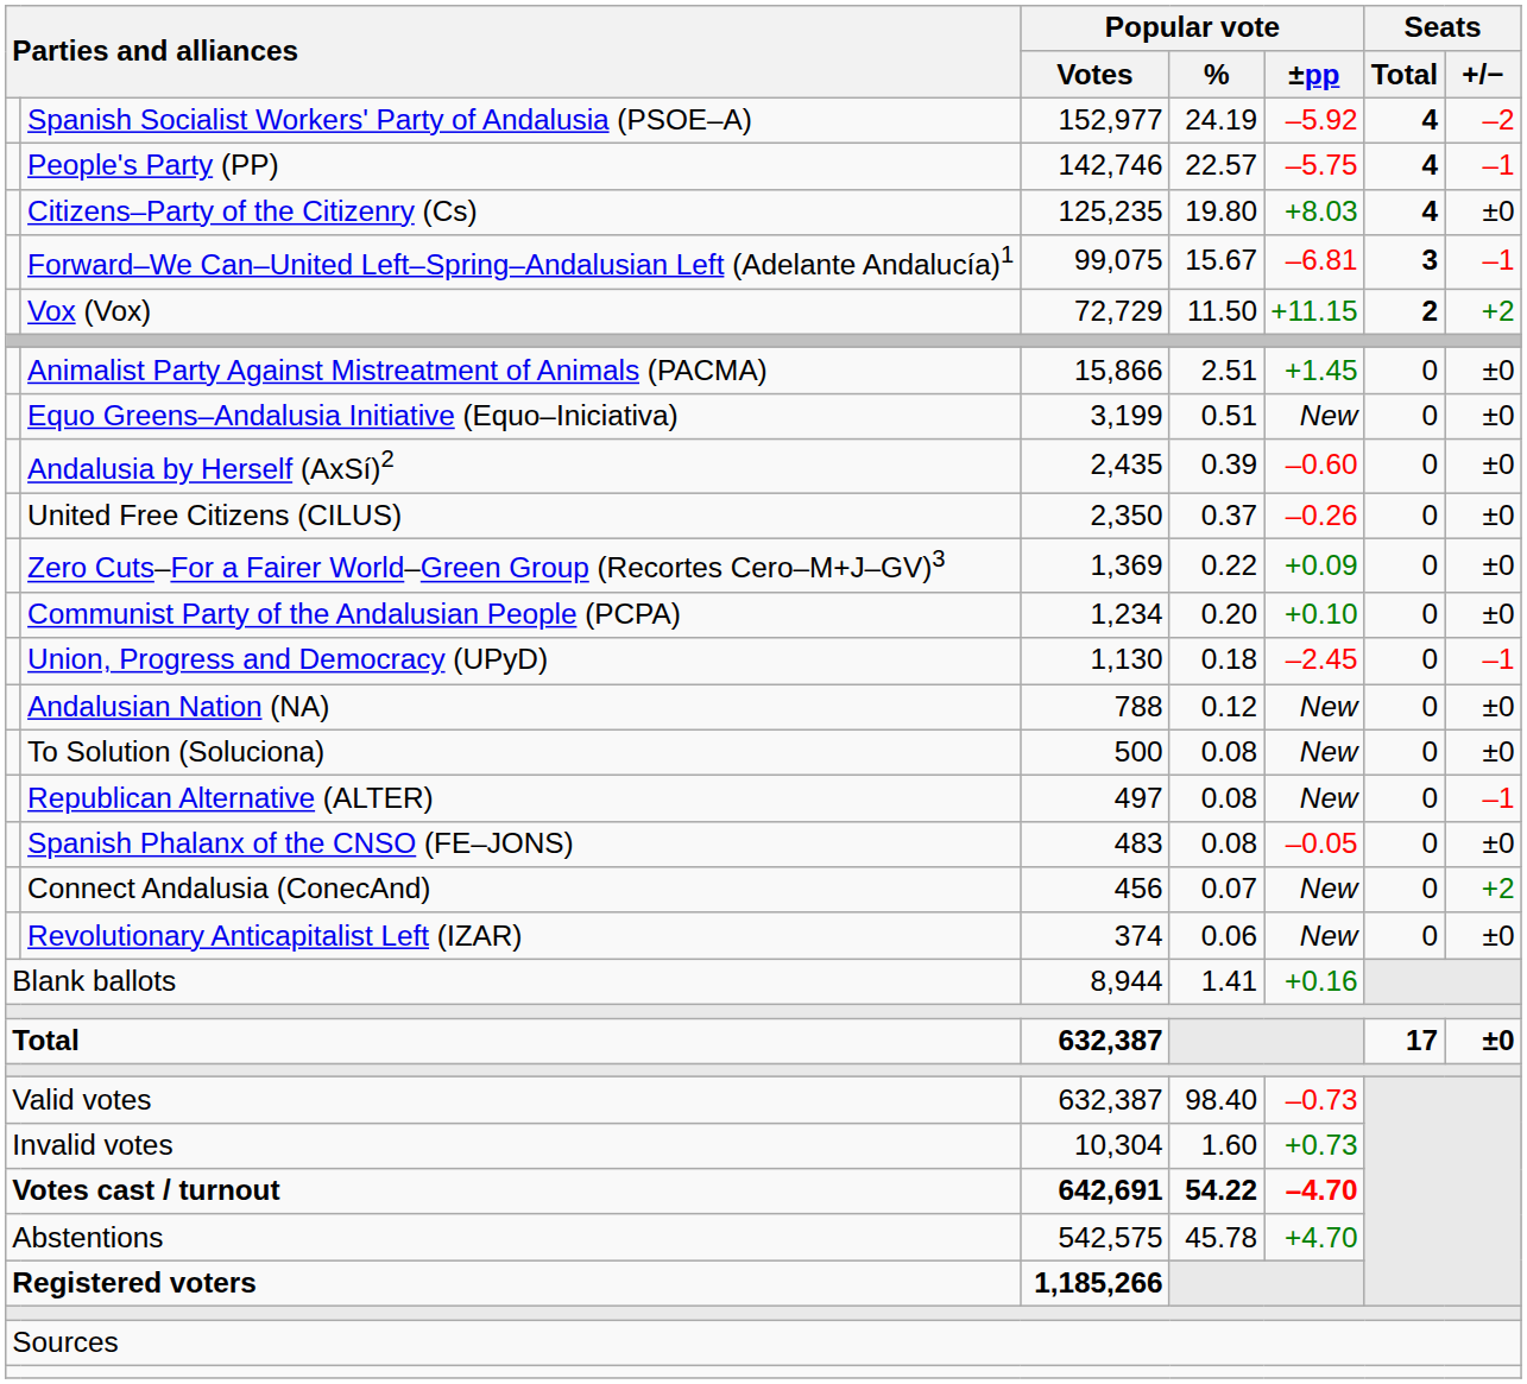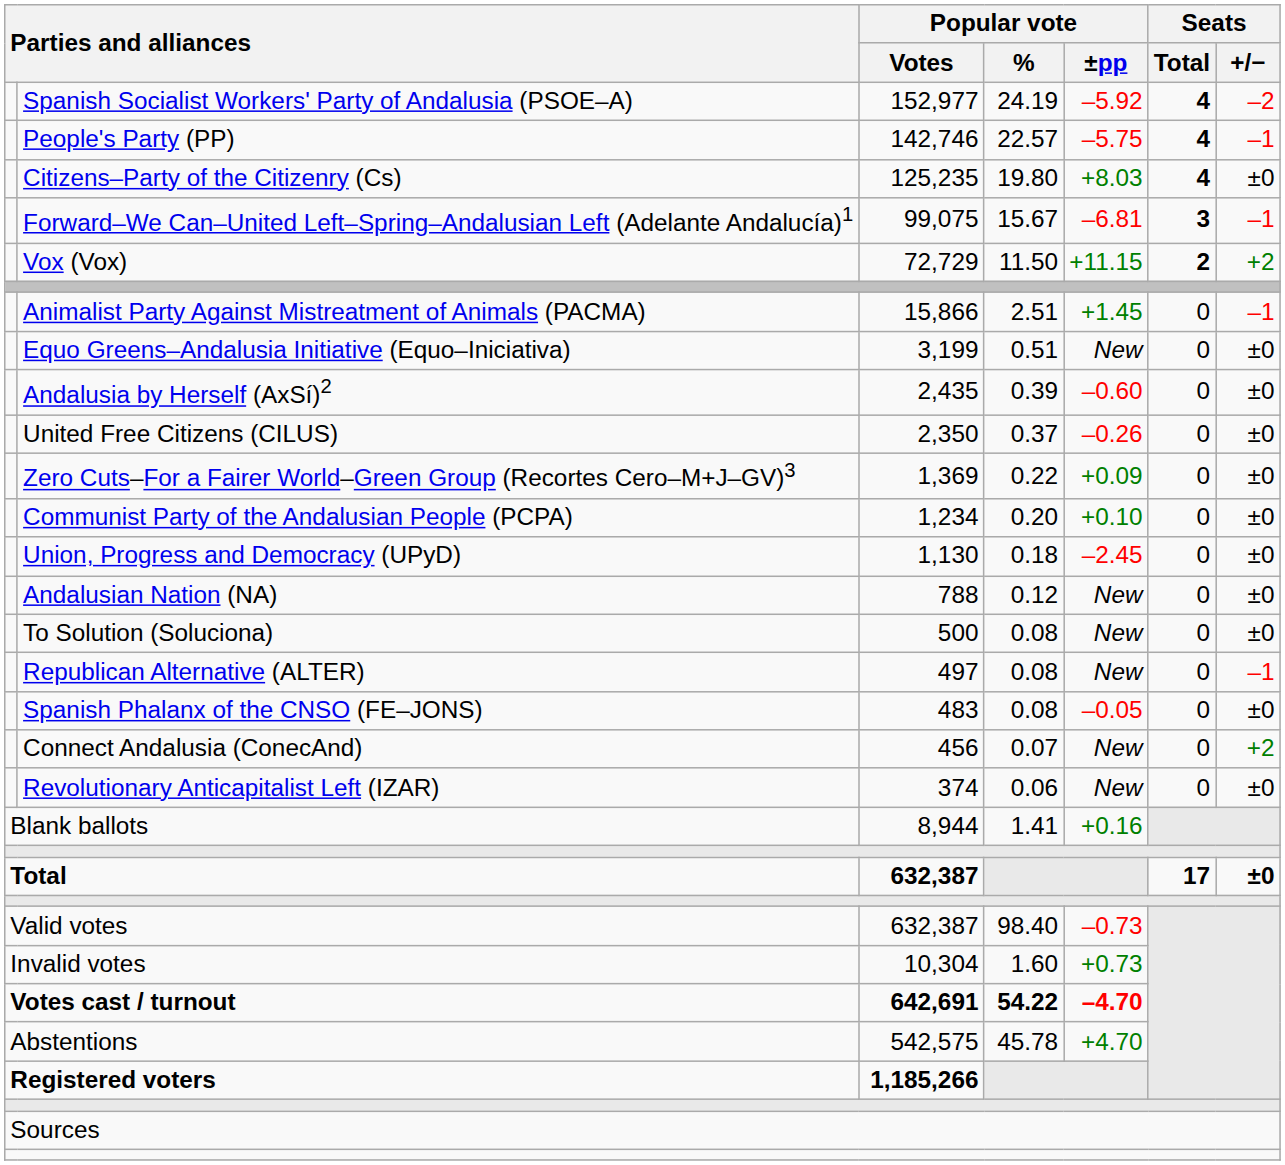 <table class="wikitable" style="text-align:right;">
 <tr>
 <th style="text-align:left;" rowspan="2" colspan="2" width="525">Parties and alliances</th>
 <th colspan="3">Popular vote</th>
 <th colspan="2">Seats</th>
 </tr>
 <tr>
 <th width="75">Votes</th>
 <th width="45">%</th>
 <th width="45">±<a href='#'>pp</a></th>
 <th width="35">Total</th>
 <th width="35">+/−</th>
 </tr>
 <tr>
 <td width="1" style="color:inherit;background:"></td>
 <td align="left"><a href='#'>Spanish Socialist Workers' Party of Andalusia</a> (PSOE–A)</td>
 <td>152,977</td>
 <td>24.19</td>
 <td style="color:red;">–5.92</td>
 <td><strong>4</strong></td>
 <td style="color:red;">–2</td>
 </tr>
 <tr>
 <td style="color:inherit;background:"></td>
 <td align="left"><a href='#'>People's Party</a> (PP)</td>
 <td>142,746</td>
 <td>22.57</td>
 <td style="color:red;">–5.75</td>
 <td><strong>4</strong></td>
 <td style="color:red;">–1</td>
 </tr>
 <tr>
 <td style="color:inherit;background:"></td>
 <td align="left"><a href='#'>Citizens–Party of the Citizenry</a> (Cs)</td>
 <td>125,235</td>
 <td>19.80</td>
 <td style="color:green;">+8.03</td>
 <td><strong>4</strong></td>
 <td>±0</td>
 </tr>
 <tr>
 <td style="color:inherit;background:"></td>
 <td align="left"><a href='#'>Forward–We Can–United Left–Spring–Andalusian Left</a> (Adelante Andalucía)<sup>1</sup></td>
 <td>99,075</td>
 <td>15.67</td>
 <td style="color:red;">–6.81</td>
 <td><strong>3</strong></td>
 <td style="color:red;">–1</td>
 </tr>
 <tr>
 <td style="color:inherit;background:"></td>
 <td align="left"><a href='#'>Vox</a> (Vox)</td>
 <td>72,729</td>
 <td>11.50</td>
 <td style="color:green;">+11.15</td>
 <td><strong>2</strong></td>
 <td style="color:green;">+2</td>
 </tr>
 <tr>
 <td colspan="7" bgcolor="#C0C0C0"></td>
 </tr>
 <tr>
 <td style="color:inherit;background:"></td>
 <td align="left"><a href='#'>Animalist Party Against Mistreatment of Animals</a> (PACMA)</td>
 <td>15,866</td>
 <td>2.51</td>
 <td style="color:green;">+1.45</td>
 <td>0</td>
-<td>±0</td>
+<td style="color:red;">–1</td>
 </tr>
 <tr>
 <td style="color:inherit;background:"></td>
 <td align="left"><a href='#'>Equo Greens–Andalusia Initiative</a> (Equo–Iniciativa)</td>
 <td>3,199</td>
 <td>0.51</td>
 <td><em>New</em></td>
 <td>0</td>
 <td>±0</td>
 </tr>
 <tr>
 <td style="color:inherit;background:"></td>
 <td align="left"><a href='#'>Andalusia by Herself</a> (AxSí)<sup>2</sup></td>
 <td>2,435</td>
 <td>0.39</td>
 <td style="color:red;">–0.60</td>
 <td>0</td>
 <td>±0</td>
 </tr>
 <tr>
 <td style="color:inherit;background:"></td>
 <td align="left">United Free Citizens (CILUS)</td>
 <td>2,350</td>
 <td>0.37</td>
 <td style="color:red;">–0.26</td>
 <td>0</td>
 <td>±0</td>
 </tr>
 <tr>
 <td style="color:inherit;background:"></td>
 <td align="left"><a href='#'>Zero Cuts</a>–<a href='#'>For a Fairer World</a>–<a href='#'>Green Group</a> (Recortes Cero–M+J–GV)<sup>3</sup></td>
 <td>1,369</td>
 <td>0.22</td>
 <td style="color:green;">+0.09</td>
 <td>0</td>
 <td>±0</td>
 </tr>
 <tr>
 <td style="color:inherit;background:"></td>
 <td align="left"><a href='#'>Communist Party of the Andalusian People</a> (PCPA)</td>
 <td>1,234</td>
 <td>0.20</td>
 <td style="color:green;">+0.10</td>
 <td>0</td>
 <td>±0</td>
 </tr>
 <tr>
 <td style="color:inherit;background:"></td>
 <td align="left"><a href='#'>Union, Progress and Democracy</a> (UPyD)</td>
 <td>1,130</td>
 <td>0.18</td>
 <td style="color:red;">–2.45</td>
 <td>0</td>
-<td style="color:red;">–1</td>
+<td>±0</td>
 </tr>
 <tr>
 <td style="color:inherit;background:"></td>
 <td align="left"><a href='#'>Andalusian Nation</a> (NA)</td>
 <td>788</td>
 <td>0.12</td>
 <td><em>New</em></td>
 <td>0</td>
 <td>±0</td>
 </tr>
 <tr>
 <td style="color:inherit;background:"></td>
 <td align="left">To Solution (Soluciona)</td>
 <td>500</td>
 <td>0.08</td>
 <td><em>New</em></td>
 <td>0</td>
 <td>±0</td>
 </tr>
 <tr>
 <td style="color:inherit;background:"></td>
 <td align="left"><a href='#'>Republican Alternative</a> (ALTER)</td>
 <td>497</td>
 <td>0.08</td>
 <td><em>New</em></td>
 <td>0</td>
 <td style="color:red;">–1</td>
 </tr>
 <tr>
 <td style="color:inherit;background:"></td>
 <td align="left"><a href='#'>Spanish Phalanx of the CNSO</a> (FE–JONS)</td>
 <td>483</td>
 <td>0.08</td>
 <td style="color:red;">–0.05</td>
 <td>0</td>
 <td>±0</td>
 </tr>
 <tr>
 <td style="color:inherit;background:"></td>
 <td align="left">Connect Andalusia (ConecAnd)</td>
 <td>456</td>
 <td>0.07</td>
 <td><em>New</em></td>
 <td>0</td>
 <td style="color:green;">+2</td>
 </tr>
 <tr>
 <td style="color:inherit;background:"></td>
 <td align="left"><a href='#'>Revolutionary Anticapitalist Left</a> (IZAR)</td>
 <td>374</td>
 <td>0.06</td>
 <td><em>New</em></td>
 <td>0</td>
 <td>±0</td>
 </tr>
 <tr>
 <td align="left" colspan="2">Blank ballots</td>
 <td>8,944</td>
 <td>1.41</td>
 <td style="color:green;">+0.16</td>
 <td bgcolor="#E9E9E9" colspan="2"></td>
 </tr>
 <tr>
 <td colspan="7" bgcolor="#E9E9E9"></td>
 </tr>
 <tr style="font-weight:bold;">
 <td align="left" colspan="2">Total</td>
 <td>632,387</td>
 <td bgcolor="#E9E9E9" colspan="2"></td>
 <td>17</td>
 <td>±0</td>
 </tr>
 <tr>
 <td colspan="7" bgcolor="#E9E9E9"></td>
 </tr>
 <tr>
 <td align="left" colspan="2">Valid votes</td>
 <td>632,387</td>
 <td>98.40</td>
 <td style="color:red;">–0.73</td>
 <td bgcolor="#E9E9E9" colspan="2" rowspan="5"></td>
 </tr>
 <tr>
 <td align="left" colspan="2">Invalid votes</td>
 <td>10,304</td>
 <td>1.60</td>
 <td style="color:green;">+0.73</td>
 </tr>
 <tr style="font-weight:bold;">
 <td align="left" colspan="2">Votes cast / turnout</td>
 <td>642,691</td>
 <td>54.22</td>
 <td style="color:red;">–4.70</td>
 </tr>
 <tr>
 <td align="left" colspan="2">Abstentions</td>
 <td>542,575</td>
 <td>45.78</td>
 <td style="color:green;">+4.70</td>
 </tr>
 <tr style="font-weight:bold;">
 <td align="left" colspan="2">Registered voters</td>
 <td>1,185,266</td>
 <td bgcolor="#E9E9E9" colspan="2"></td>
 </tr>
 <tr>
 <td colspan="7" bgcolor="#E9E9E9"></td>
 </tr>
 <tr>
 <td align="left" colspan="7">Sources</td>
 </tr>
 <tr>
 <td colspan="7" style="text-align:left; max-width:790px;"></td>
 </tr>
 </table>
